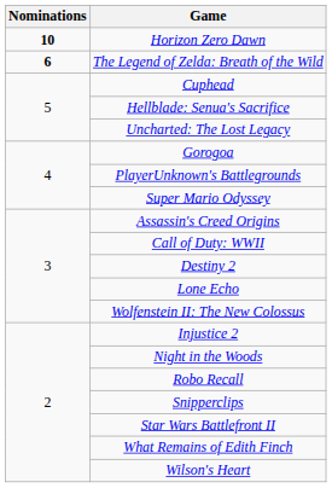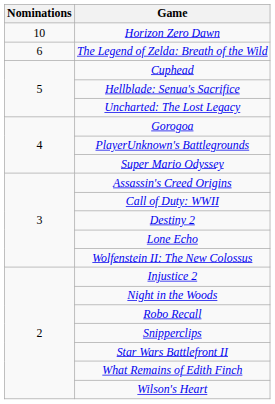 <table class="wikitable floatleft" rowspan="2" style="text-align:center;" background: #f6e39c;>
 <tr>
 <th scope="col">Nominations</th>
 <th scope="col">Game</th>
 </tr>
 <tr>
-<td><strong>10</strong></td>
+<td>10</td>
 <td><em><a href='#'>Horizon Zero Dawn</a></em></td>
 </tr>
 <tr>
-<td><strong>6</strong></td>
+<td>6</td>
 <td><em><a href='#'>The Legend of Zelda: Breath of the Wild</a></em></td>
 </tr>
 <tr>
 <td rowspan=3>5</td>
 <td><em><a href='#'>Cuphead</a></em></td>
 </tr>
 <tr>
 <td><em><a href='#'>Hellblade: Senua's Sacrifice</a></em></td>
 </tr>
 <tr>
 <td><em><a href='#'>Uncharted: The Lost Legacy</a></em></td>
 </tr>
 <tr>
 <td rowspan=3>4</td>
 <td><em><a href='#'>Gorogoa</a></em></td>
 </tr>
 <tr>
 <td><em><a href='#'>PlayerUnknown's Battlegrounds</a></em></td>
 </tr>
 <tr>
 <td><em><a href='#'>Super Mario Odyssey</a></em></td>
 </tr>
 <tr>
 <td rowspan=5>3</td>
 <td><em><a href='#'>Assassin's Creed Origins</a></em></td>
 </tr>
 <tr>
 <td><em><a href='#'>Call of Duty: WWII</a></em></td>
 </tr>
 <tr>
 <td><em><a href='#'>Destiny 2</a></em></td>
 </tr>
 <tr>
 <td><em><a href='#'>Lone Echo</a></em></td>
 </tr>
 <tr>
 <td><em><a href='#'>Wolfenstein II: The New Colossus</a></em></td>
 </tr>
 <tr>
 <td rowspan=7>2</td>
 <td><em><a href='#'>Injustice 2</a></em></td>
 </tr>
 <tr>
 <td><em><a href='#'>Night in the Woods</a></em></td>
 </tr>
 <tr>
 <td><em><a href='#'>Robo Recall</a></em></td>
 </tr>
 <tr>
 <td><em><a href='#'>Snipperclips</a></em></td>
 </tr>
 <tr>
 <td><em><a href='#'>Star Wars Battlefront II</a></em></td>
 </tr>
 <tr>
 <td><em><a href='#'>What Remains of Edith Finch</a></em></td>
 </tr>
 <tr>
 <td><em><a href='#'>Wilson's Heart</a></em></td>
 </tr>
 </table>
